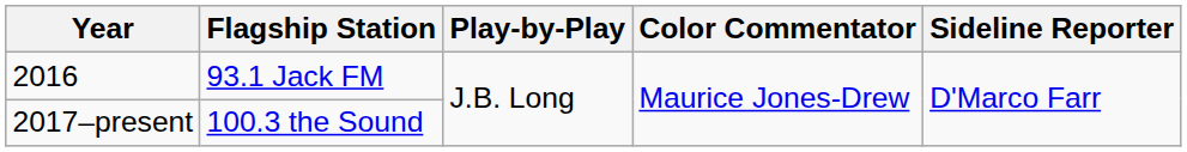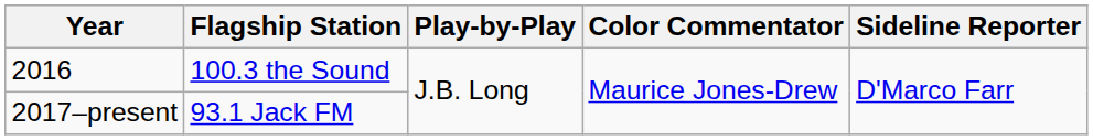 <table class="wikitable">
 <tr>
 <th>Year</th>
 <th>Flagship Station</th>
 <th>Play-by-Play</th>
 <th>Color Commentator</th>
 <th>Sideline Reporter</th>
 </tr>
 <tr>
 <td>2016</td>
-<td><a href='#'>93.1 Jack FM</a></td>
+<td><a href='#'>100.3 the Sound</a></td>
 <td rowspan=2>J.B. Long</td>
 <td rowspan=2><a href='#'>Maurice Jones-Drew</a></td>
 <td rowspan=2><a href='#'>D'Marco Farr</a></td>
 </tr>
 <tr>
 <td>2017–present</td>
-<td><a href='#'>100.3 the Sound</a></td>
+<td><a href='#'>93.1 Jack FM</a></td>
 </tr>
 </table>
